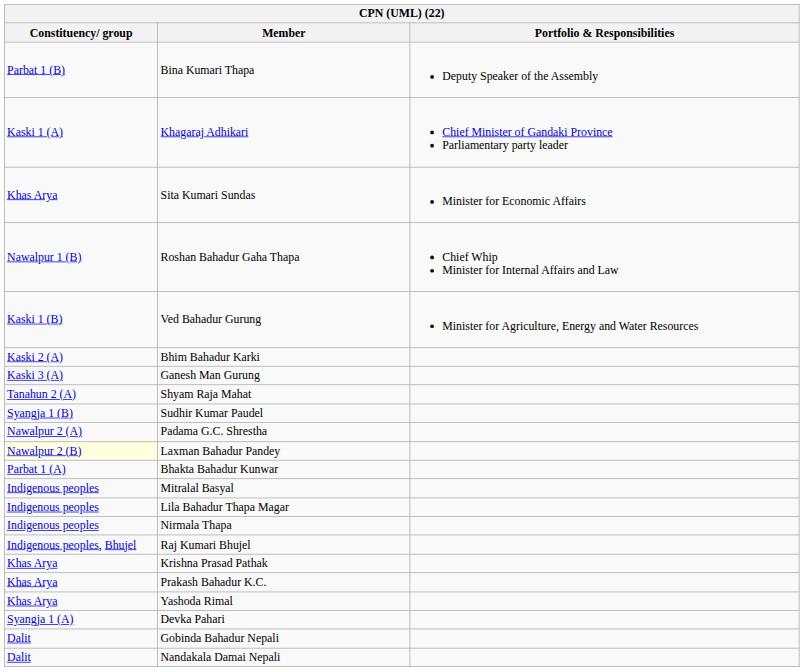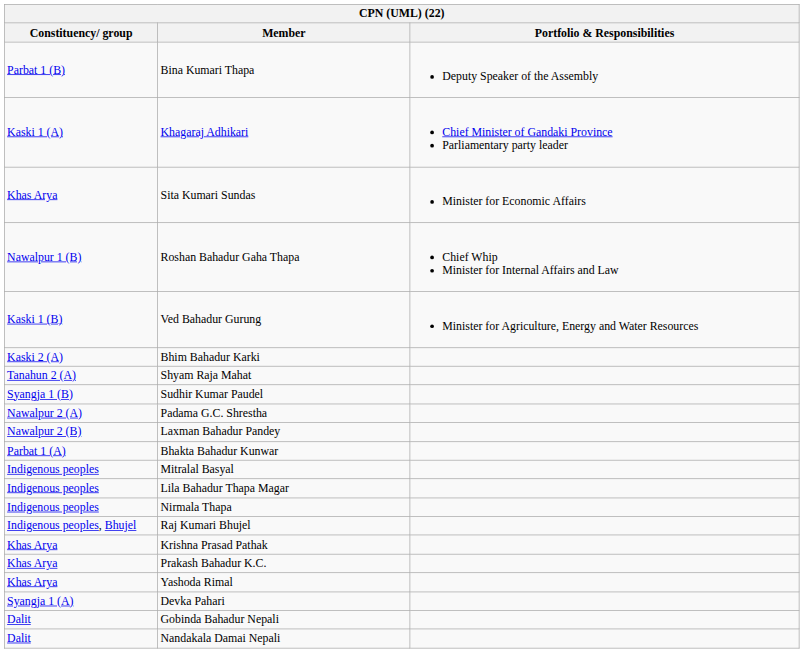 <table class="wikitable sortable mw-collapsible mw-collapsed">
 <tr>
 <th colspan="3" style="width: 800pt; background:">CPN (UML) (22)</th>
 </tr>
 <tr>
 <th style="width:150pt;">Constituency/ group</th>
 <th style="width:250pt;">Member</th>
 <th>Portfolio & Responsibilities</th>
 </tr>
 <tr>
 <td><a href='#'>Parbat 1 (B)</a></td>
 <td>Bina Kumari Thapa</td>
 <td><br><ul><li>Deputy Speaker of the Assembly</li></ul></td>
 </tr>
 <tr>
 <td><a href='#'>Kaski 1 (A)</a></td>
 <td><a href='#'>Khagaraj Adhikari</a></td>
 <td><br><ul><li><a href='#'>Chief Minister of Gandaki Province</a></li><li>Parliamentary party leader</li></ul></td>
 </tr>
 <tr>
 <td><a href='#'>Khas Arya</a></td>
 <td>Sita Kumari Sundas</td>
 <td><br><ul><li>Minister for Economic Affairs</li></ul></td>
 </tr>
 <tr>
 <td><a href='#'>Nawalpur 1 (B)</a></td>
 <td>Roshan Bahadur Gaha Thapa</td>
 <td><br><ul><li>Chief Whip</li><li>Minister for Internal Affairs and Law</li></ul></td>
 </tr>
 <tr>
 <td><a href='#'>Kaski 1 (B)</a></td>
 <td>Ved Bahadur Gurung</td>
 <td><br><ul><li>Minister for Agriculture, Energy and Water Resources</li></ul></td>
 </tr>
 <tr>
 <td><a href='#'>Kaski 2 (A)</a></td>
 <td>Bhim Bahadur Karki</td>
 <td></td>
 </tr>
 <tr>
-<td><a href='#'>Kaski 3 (A)</a></td>
-<td>Ganesh Man Gurung</td>
-<td></td>
-</tr>
-<tr>
 <td><a href='#'>Tanahun 2 (A)</a></td>
 <td>Shyam Raja Mahat</td>
 <td></td>
 </tr>
 <tr>
 <td><a href='#'>Syangja 1 (B)</a></td>
 <td>Sudhir Kumar Paudel</td>
 <td></td>
 </tr>
 <tr>
 <td><a href='#'>Nawalpur 2 (A)</a></td>
 <td>Padama G.C. Shrestha</td>
 <td></td>
 </tr>
 <tr>
-<td style="background: lightyellow;"><a href='#'>Nawalpur 2 (B)</a></td>
+<td><a href='#'>Nawalpur 2 (B)</a></td>
 <td>Laxman Bahadur Pandey</td>
 <td></td>
 </tr>
 <tr>
 <td><a href='#'>Parbat 1 (A)</a></td>
 <td>Bhakta Bahadur Kunwar</td>
 <td></td>
 </tr>
 <tr>
 <td><a href='#'>Indigenous peoples</a></td>
 <td>Mitralal Basyal</td>
 <td></td>
 </tr>
 <tr>
 <td><a href='#'>Indigenous peoples</a></td>
 <td>Lila Bahadur Thapa Magar</td>
 <td></td>
 </tr>
 <tr>
 <td><a href='#'>Indigenous peoples</a></td>
 <td>Nirmala Thapa</td>
 <td></td>
 </tr>
 <tr>
 <td><a href='#'>Indigenous peoples</a>, <a href='#'>Bhujel</a></td>
 <td>Raj Kumari Bhujel</td>
 <td></td>
 </tr>
 <tr>
 <td><a href='#'>Khas Arya</a></td>
 <td>Krishna Prasad Pathak</td>
 <td></td>
 </tr>
 <tr>
 <td><a href='#'>Khas Arya</a></td>
 <td>Prakash Bahadur K.C.</td>
 <td></td>
 </tr>
 <tr>
 <td><a href='#'>Khas Arya</a></td>
 <td>Yashoda Rimal</td>
 <td></td>
 </tr>
 <tr>
 <td><a href='#'>Syangja 1 (A)</a></td>
 <td>Devka Pahari</td>
 <td></td>
 </tr>
 <tr>
 <td><a href='#'>Dalit</a></td>
 <td>Gobinda Bahadur Nepali</td>
 <td></td>
 </tr>
 <tr>
 <td><a href='#'>Dalit</a></td>
 <td>Nandakala Damai Nepali</td>
 <td></td>
 </tr>
 </table>
